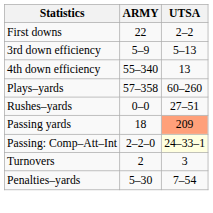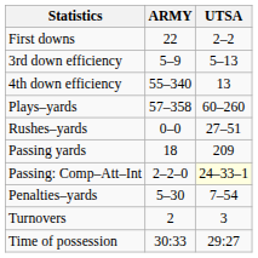 <table class="wikitable">
 <tr>
 <th>Statistics</th>
 <th>ARMY</th>
 <th>UTSA</th>
 </tr>
 <tr>
 <td>First downs</td>
 <td align=center>22</td>
 <td align=center>2–2</td>
 </tr>
 <tr>
 <td>3rd down efficiency</td>
 <td align=center>5–9</td>
 <td align=center>5–13</td>
 </tr>
 <tr>
 <td>4th down efficiency</td>
 <td align=center>55–340</td>
 <td align=center>13</td>
 </tr>
 <tr>
 <td>Plays–yards</td>
 <td align=center>57–358</td>
 <td align=center>60–260</td>
 </tr>
 <tr>
 <td>Rushes–yards</td>
 <td align=center>0–0</td>
 <td align=center>27–51</td>
 </tr>
 <tr>
 <td>Passing yards</td>
 <td align=center>18</td>
-<td align=center style="background: lightsalmon;">209</td>
+<td align=center>209</td>
 </tr>
 <tr>
 <td>Passing: Comp–Att–Int</td>
 <td align=center>2–2–0</td>
 <td align=center style="background: lightyellow;">24–33–1</td>
 </tr>
 <tr>
+<td>Penalties–yards</td>
+<td align=center>5–30</td>
+<td align=center>7–54</td>
+</tr>
+<tr>
 <td>Turnovers</td>
 <td align=center>2</td>
 <td align=center>3</td>
 </tr>
 <tr>
-<td>Penalties–yards</td>
-<td align=center>5–30</td>
-<td align=center>7–54</td>
+<td>Time of possession</td>
+<td align=center>30:33</td>
+<td align=center>29:27</td>
 </tr>
 </table>
